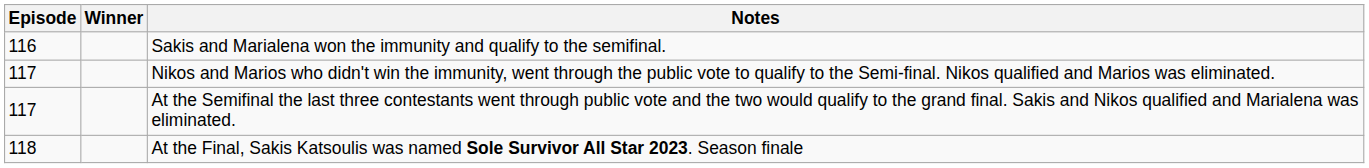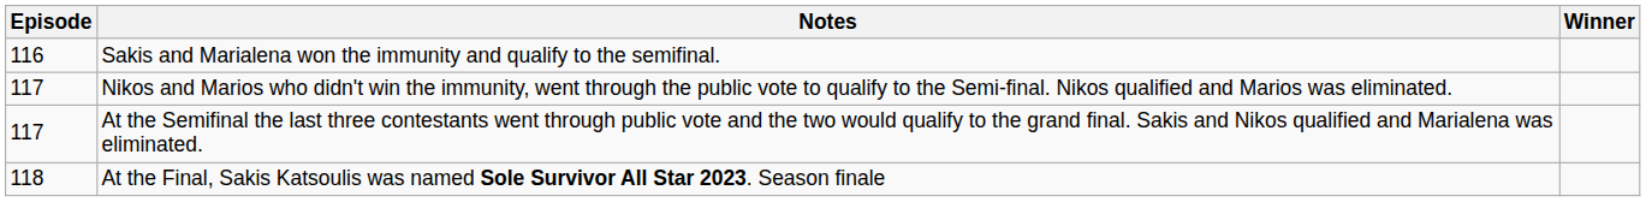 <table class="wikitable sortable">
 <tr>
 <th>Episode</th>
+<th>Notes</th>
 <th>Winner</th>
-<th>Notes</th>
 </tr>
 <tr>
 <td>116</td>
+<td>Sakis and Marialena won the immunity and qualify to the semifinal.</td>
 <td></td>
-<td>Sakis and Marialena won the immunity and qualify to the semifinal.</td>
 </tr>
 <tr>
 <td>117</td>
+<td>Nikos and Marios who didn't win the immunity, went through the public vote to qualify to the Semi-final. Nikos qualified and Marios was eliminated.</td>
 <td></td>
-<td>Nikos and Marios who didn't win the immunity, went through the public vote to qualify to the Semi-final. Nikos qualified and Marios was eliminated.</td>
 </tr>
 <tr>
 <td>117</td>
+<td>At the Semifinal the last three contestants went through public vote and the two would qualify to the grand final. Sakis and Nikos qualified and Marialena was eliminated.</td>
 <td></td>
-<td>At the Semifinal the last three contestants went through public vote and the two would qualify to the grand final. Sakis and Nikos qualified and Marialena was eliminated.</td>
 </tr>
 <tr>
 <td>118</td>
+<td>At the Final, Sakis Katsoulis was named <strong>Sole Survivor All Star 2023</strong>. Season finale</td>
 <td></td>
-<td>At the Final, Sakis Katsoulis was named <strong>Sole Survivor All Star 2023</strong>. Season finale</td>
 </tr>
 </table>
